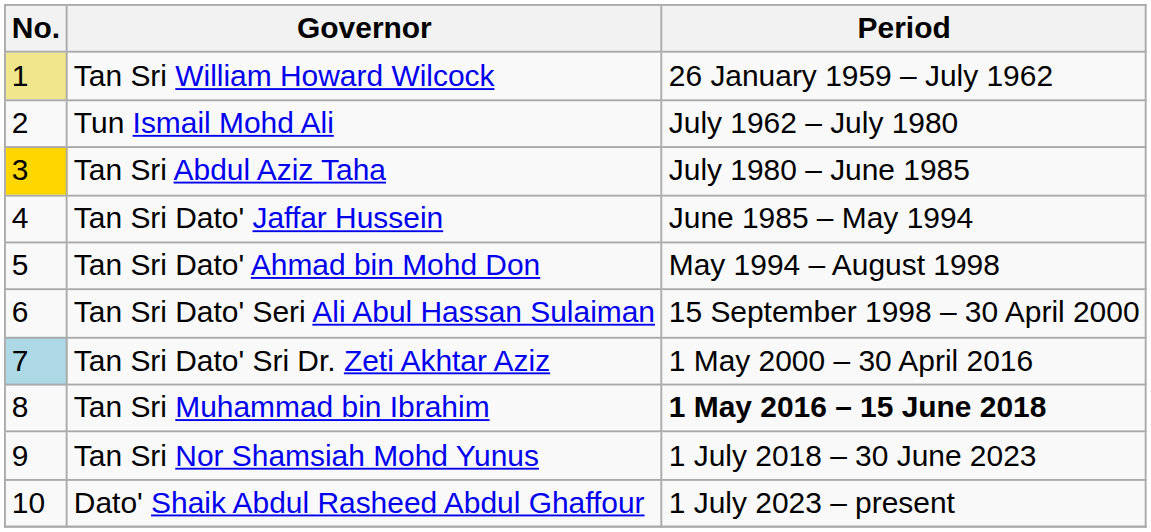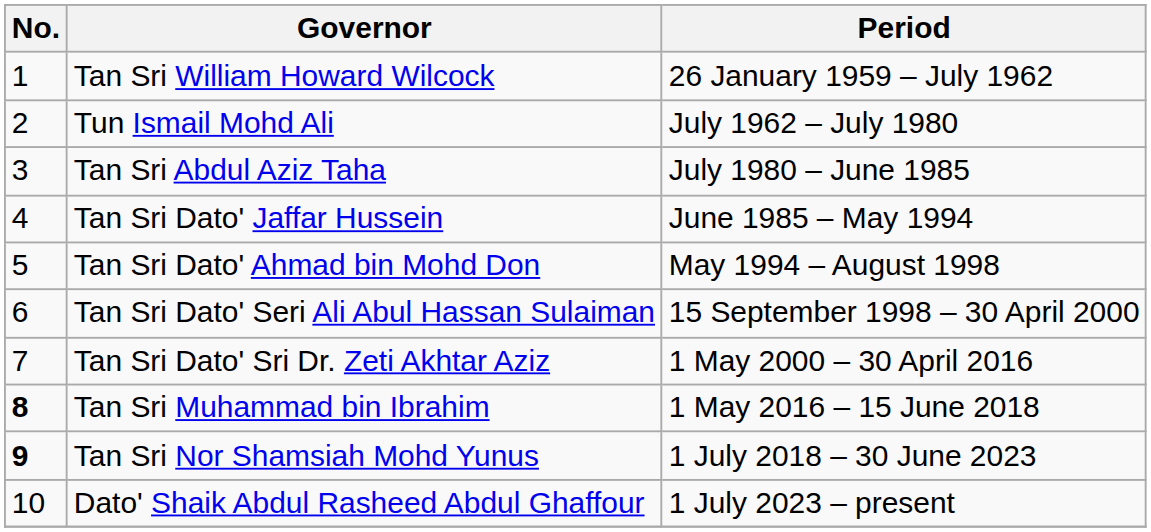 <table class="wikitable">
 <tr>
 <th>No.</th>
 <th>Governor</th>
 <th>Period</th>
 </tr>
 <tr>
-<td style="background: khaki;">1</td>
+<td>1</td>
 <td>Tan Sri <a href='#'>William Howard Wilcock</a></td>
 <td>26 January 1959 – July 1962</td>
 </tr>
 <tr>
 <td>2</td>
 <td>Tun <a href='#'>Ismail Mohd Ali</a></td>
 <td>July 1962 – July 1980</td>
 </tr>
 <tr>
-<td style="background: gold;">3</td>
+<td>3</td>
 <td>Tan Sri <a href='#'>Abdul Aziz Taha</a></td>
 <td>July 1980 – June 1985</td>
 </tr>
 <tr>
 <td>4</td>
 <td>Tan Sri Dato' <a href='#'>Jaffar Hussein</a></td>
 <td>June 1985 – May 1994</td>
 </tr>
 <tr>
 <td>5</td>
 <td>Tan Sri Dato' <a href='#'>Ahmad bin Mohd Don</a></td>
 <td>May 1994 – August 1998</td>
 </tr>
 <tr>
 <td>6</td>
 <td>Tan Sri Dato' Seri <a href='#'>Ali Abul Hassan Sulaiman</a></td>
 <td>15 September 1998 – 30 April 2000</td>
 </tr>
 <tr>
-<td style="background: lightblue;">7</td>
+<td>7</td>
 <td>Tan Sri Dato' Sri Dr. <a href='#'>Zeti Akhtar Aziz</a></td>
 <td>1 May 2000 – 30 April 2016</td>
 </tr>
 <tr>
-<td>8</td>
+<td><strong>8</strong></td>
 <td>Tan Sri <a href='#'>Muhammad bin Ibrahim</a></td>
-<td><strong>1 May 2016 – 15 June 2018</strong></td>
+<td>1 May 2016 – 15 June 2018</td>
 </tr>
 <tr>
-<td>9</td>
+<td><strong>9</strong></td>
 <td>Tan Sri <a href='#'>Nor Shamsiah Mohd Yunus</a></td>
 <td>1 July 2018 – 30 June 2023</td>
 </tr>
 <tr>
 <td>10</td>
 <td>Dato' <a href='#'>Shaik Abdul Rasheed Abdul Ghaffour</a></td>
 <td>1 July 2023 – present</td>
 </tr>
 <tr>
 </tr>
 </table>
